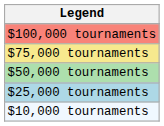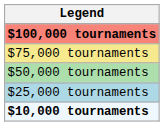 <table class="wikitable" style="font-size:85%;">
 <tr>
 <th>Legend</th>
 </tr>
 <tr>
 </tr>
 <tr style="background:#f88379;">
-<td>$100,000 tournaments</td>
+<td><strong>$100,000 tournaments</strong></td>
 </tr>
 <tr style="background:#f7e98e;">
 <td>$75,000 tournaments</td>
 </tr>
 <tr style="background:#addfad;">
 <td>$50,000 tournaments</td>
 </tr>
 <tr style="background:lightblue;">
 <td>$25,000 tournaments</td>
 </tr>
 <tr style="background:#f0f8ff;">
-<td>$10,000 tournaments</td>
+<td><strong>$10,000 tournaments</strong></td>
 </tr>
 </table>
